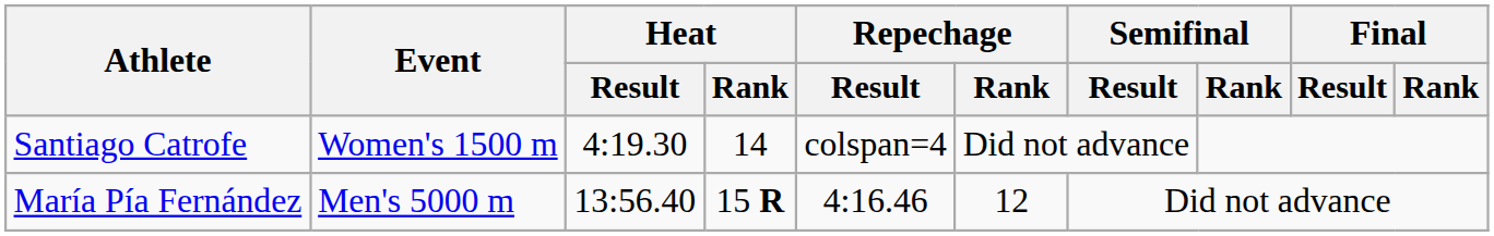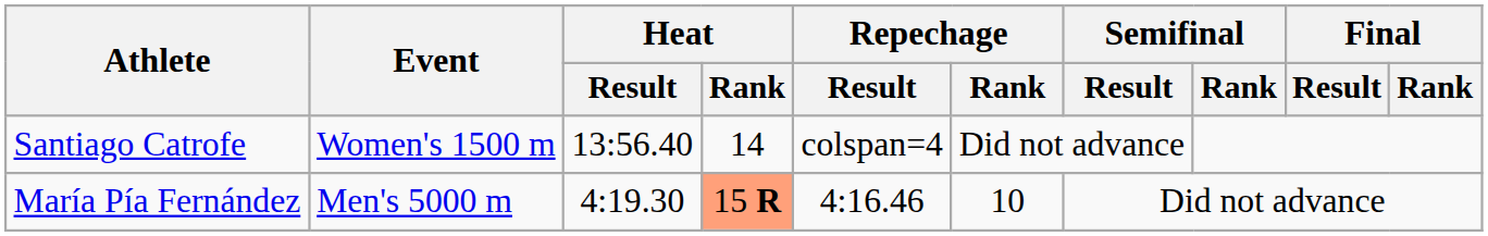 <table class="wikitable" style="font-size:90%">
 <tr>
 <th rowspan="2">Athlete</th>
 <th rowspan="2">Event</th>
 <th colspan="2">Heat</th>
 <th colspan="2">Repechage</th>
 <th colspan="2">Semifinal</th>
 <th colspan="2">Final</th>
 </tr>
 <tr style="font-size:95%">
 <th>Result</th>
 <th>Rank</th>
 <th>Result</th>
 <th>Rank</th>
 <th>Result</th>
 <th>Rank</th>
 <th>Result</th>
 <th>Rank</th>
 </tr>
 <tr align=center>
 <td align=left><a href='#'>Santiago Catrofe</a></td>
 <td align=left><a href='#'>Women's 1500 m</a></td>
-<td>4:19.30</td>
+<td>13:56.40</td>
 <td>14</td>
 <td>colspan=4 </td>
 <td colspan=2>Did not advance</td>
 </tr>
 <tr align=center>
 <td align=left><a href='#'>María Pía Fernández</a></td>
 <td align=left><a href='#'>Men's 5000 m</a></td>
-<td>13:56.40</td>
-<td>15 <strong>R</strong></td>
+<td>4:19.30</td>
+<td style="background: lightsalmon;">15 <strong>R</strong></td>
 <td>4:16.46</td>
-<td>12</td>
+<td>10</td>
 <td colspan=4>Did not advance</td>
 </tr>
 </table>
